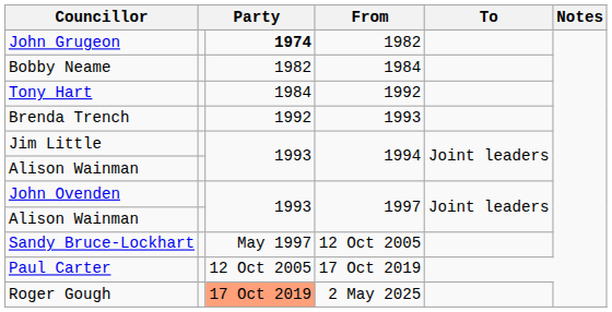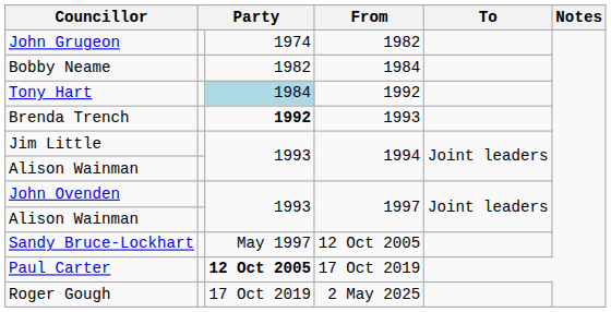 <table class=wikitable>
 <tr>
 <th>Councillor</th>
 <th colspan=2>Party</th>
 <th>From</th>
 <th>To</th>
 <th>Notes</th>
 </tr>
 <tr>
 <td><a href='#'>John Grugeon</a></td>
 <td></td>
-<td align=right><strong>1974</strong></td>
+<td align=right>1974</td>
 <td align=right>1982</td>
 <td></td>
 </tr>
 <tr>
 <td>Bobby Neame</td>
 <td></td>
 <td align=right>1982</td>
 <td align=right>1984</td>
 <td></td>
 </tr>
 <tr>
 <td><a href='#'>Tony Hart</a></td>
 <td></td>
-<td align=right>1984</td>
+<td align=right style="background: lightblue;">1984</td>
 <td align=right>1992</td>
 <td></td>
 </tr>
 <tr>
 <td>Brenda Trench</td>
 <td></td>
-<td align=right>1992</td>
+<td align=right><strong>1992</strong></td>
 <td align=right>1993</td>
 <td></td>
 </tr>
 <tr>
 <td>Jim Little</td>
 <td></td>
 <td rowspan=2 align=right>1993</td>
 <td rowspan=2 align=right>1994</td>
 <td rowspan=2>Joint leaders</td>
 </tr>
 <tr>
 <td>Alison Wainman</td>
 <td></td>
 </tr>
 <tr>
 <td><a href='#'>John Ovenden</a></td>
 <td></td>
 <td rowspan=2 align=right>1993</td>
 <td rowspan=2 align=right>1997</td>
 <td rowspan=2>Joint leaders</td>
 </tr>
 <tr>
 <td>Alison Wainman</td>
 <td></td>
 </tr>
 <tr>
 <td><a href='#'>Sandy Bruce-Lockhart</a></td>
 <td></td>
 <td align=right>May 1997</td>
 <td align=right>12 Oct 2005</td>
 <td></td>
 </tr>
 <tr>
 <td><a href='#'>Paul Carter</a></td>
 <td></td>
-<td align=right>12 Oct 2005</td>
+<td align=right><strong>12 Oct 2005</strong></td>
 <td align=right>17 Oct 2019</td>
 </tr>
 <tr>
 <td>Roger Gough</td>
 <td></td>
-<td align=right style="background: lightsalmon;">17 Oct 2019</td>
+<td align=right>17 Oct 2019</td>
 <td align=right>2 May 2025</td>
 <td></td>
 </tr>
 </table>
